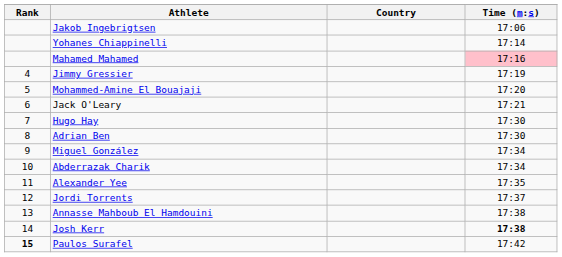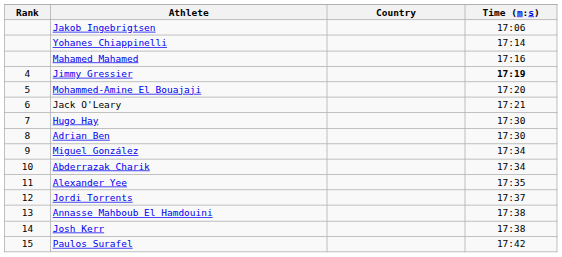 <table class="wikitable" style="text-align:center;" width="60%">
 <tr>
 </tr>
 <tr>
 <th width=5%>Rank</th>
 <th width=30%>Athlete</th>
 <th width=15%>Country</th>
 <th width=10%>Time (<a href='#'>m</a>:<a href='#'>s</a>)</th>
 </tr>
 <tr>
 <td></td>
 <td align=left><a href='#'>Jakob Ingebrigtsen</a></td>
 <td align=left></td>
 <td>17:06</td>
 </tr>
 <tr>
 <td></td>
 <td align=left><a href='#'>Yohanes Chiappinelli</a></td>
 <td align=left></td>
 <td>17:14</td>
 </tr>
 <tr>
 <td></td>
 <td align=left><a href='#'>Mahamed Mahamed</a></td>
 <td align=left></td>
-<td style="background: pink;">17:16</td>
+<td>17:16</td>
 </tr>
 <tr>
 <td>4</td>
 <td align=left><a href='#'>Jimmy Gressier</a></td>
 <td align=left></td>
-<td>17:19</td>
+<td><strong>17:19</strong></td>
 </tr>
 <tr>
 <td>5</td>
 <td align=left><a href='#'>Mohammed-Amine El Bouajaji</a></td>
 <td align=left></td>
 <td>17:20</td>
 </tr>
 <tr>
 <td>6</td>
 <td align=left>Jack O'Leary</td>
 <td align=left></td>
 <td>17:21</td>
 </tr>
 <tr>
 <td>7</td>
 <td align=left><a href='#'>Hugo Hay</a></td>
 <td align=left></td>
 <td>17:30</td>
 </tr>
 <tr>
 <td>8</td>
 <td align=left><a href='#'>Adrian Ben</a></td>
 <td align=left></td>
 <td>17:30</td>
 </tr>
 <tr>
 <td>9</td>
 <td align=left><a href='#'>Miguel González</a></td>
 <td align=left></td>
 <td>17:34</td>
 </tr>
 <tr>
 <td>10</td>
 <td align=left><a href='#'>Abderrazak Charik</a></td>
 <td align=left></td>
 <td>17:34</td>
 </tr>
 <tr>
 <td>11</td>
 <td align=left><a href='#'>Alexander Yee</a></td>
 <td align=left></td>
 <td>17:35</td>
 </tr>
 <tr>
 <td>12</td>
 <td align=left><a href='#'>Jordi Torrents</a></td>
 <td align=left></td>
 <td>17:37</td>
 </tr>
 <tr>
 <td>13</td>
 <td align=left><a href='#'>Annasse Mahboub El Hamdouini</a></td>
 <td align=left></td>
 <td>17:38</td>
 </tr>
 <tr>
 <td>14</td>
 <td align=left><a href='#'>Josh Kerr</a></td>
 <td align=left></td>
-<td><strong>17:38</strong></td>
+<td>17:38</td>
 </tr>
 <tr>
-<td><strong>15</strong></td>
+<td>15</td>
 <td align=left><a href='#'>Paulos Surafel</a></td>
 <td align=left></td>
 <td>17:42</td>
 </tr>
 </table>
